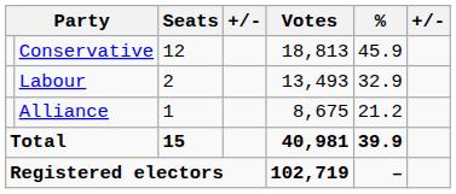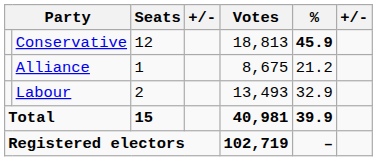 <table class="wikitable sortable">
 <tr>
 <th colspan="2">Party</th>
 <th>Seats</th>
 <th>+/-</th>
 <th>Votes</th>
 <th>%</th>
 <th>+/-</th>
 </tr>
 <tr>
 <td style="background-color: "></td>
 <td><a href='#'>Conservative</a></td>
 <td>12</td>
 <td></td>
 <td style="text-align:right;">18,813</td>
-<td style="text-align:right;">45.9</td>
+<td style="text-align:right;"><strong>45.9</strong></td>
+<td style="text-align:right;"></td>
+</tr>
+<tr>
+<td style="background-color: "></td>
+<td><a href='#'>Alliance</a></td>
+<td>1</td>
+<td></td>
+<td style="text-align:right;">8,675</td>
+<td style="text-align:right;">21.2</td>
 <td style="text-align:right;"></td>
 </tr>
 <tr>
 <td style="background-color: "></td>
 <td><a href='#'>Labour</a></td>
 <td>2</td>
 <td></td>
 <td style="text-align:right;">13,493</td>
 <td style="text-align:right;">32.9</td>
-<td style="text-align:right;"></td>
-</tr>
-<tr>
-<td style="background-color: "></td>
-<td><a href='#'>Alliance</a></td>
-<td>1</td>
-<td></td>
-<td style="text-align:right;">8,675</td>
-<td style="text-align:right;">21.2</td>
 <td style="text-align:right;"></td>
 </tr>
 <tr>
 <td colspan="2"><strong>Total</strong></td>
 <td><strong>15</strong></td>
 <td></td>
 <td style="text-align:right;"><strong>40,981</strong></td>
 <td style="text-align:right;"><strong>39.9</strong></td>
 <td style="text-align:right;"></td>
 </tr>
 <tr>
 <td colspan="4"><strong>Registered electors</strong></td>
 <td style="text-align:right;"><strong>102,719</strong></td>
 <td style="text-align:right;"><strong>–</strong></td>
 <td style="text-align:right;"></td>
 </tr>
 </table>
